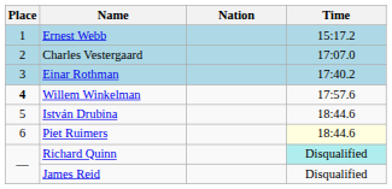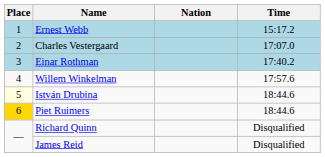 <table class=wikitable>
 <tr>
 <th width=20>Place</th>
 <th width=180>Name</th>
 <th width=120>Nation</th>
 <th width=120>Time</th>
 </tr>
 <tr bgcolor=lightblue>
 <td align=center>1</td>
 <td><a href='#'>Ernest Webb</a></td>
 <td></td>
 <td align=center>15:17.2</td>
 </tr>
 <tr bgcolor=lightblue>
 <td align=center>2</td>
 <td>Charles Vestergaard</td>
 <td></td>
 <td align=center>17:07.0</td>
 </tr>
 <tr bgcolor=lightblue>
 <td align=center>3</td>
 <td><a href='#'>Einar Rothman</a></td>
 <td></td>
 <td align=center>17:40.2</td>
 </tr>
 <tr>
-<td align=center><strong>4</strong></td>
+<td align=center>4</td>
 <td><a href='#'>Willem Winkelman</a></td>
 <td></td>
 <td align=center>17:57.6</td>
 </tr>
 <tr>
-<td align=center>5</td>
+<td align=center style="background: lightyellow;">5</td>
 <td><a href='#'>István Drubina</a></td>
 <td></td>
 <td align=center>18:44.6</td>
 </tr>
 <tr>
-<td align=center>6</td>
+<td align=center style="background: gold;">6</td>
 <td><a href='#'>Piet Ruimers</a></td>
 <td></td>
-<td align=center style="background: lightyellow;">18:44.6</td>
+<td align=center>18:44.6</td>
 </tr>
 <tr>
 <td align=center rowspan=2>—</td>
 <td><a href='#'>Richard Quinn</a></td>
 <td></td>
-<td align=center style="background: paleturquoise;">Disqualified</td>
+<td align=center>Disqualified</td>
 </tr>
 <tr>
 <td><a href='#'>James Reid</a></td>
 <td></td>
 <td align=center>Disqualified</td>
 </tr>
 </table>
